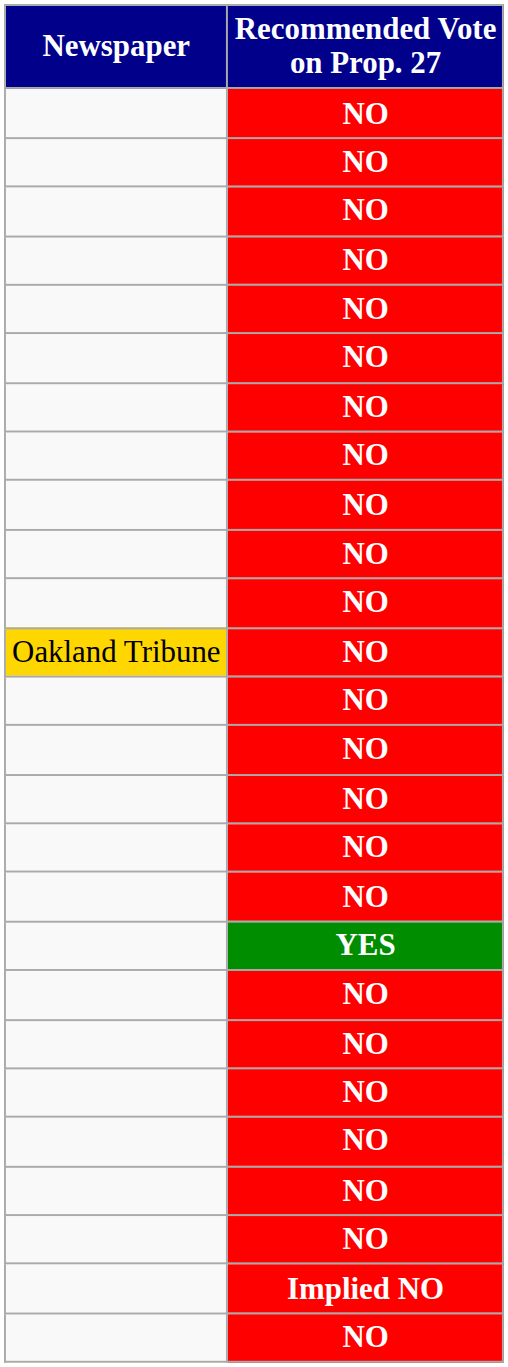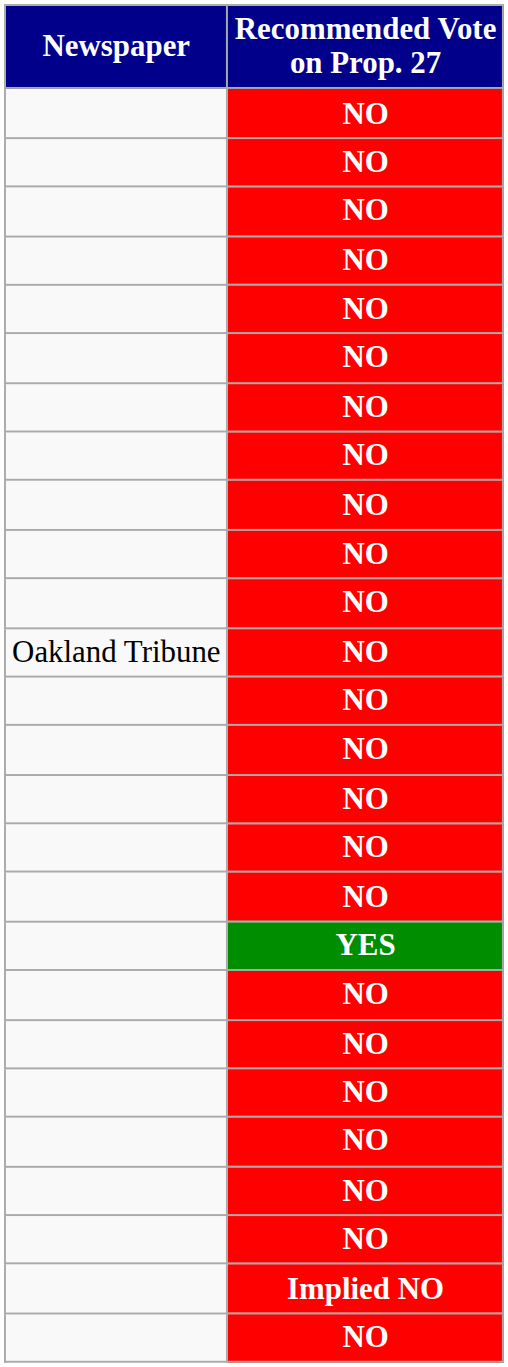 <table class="wikitable" style="" style="width:30%;">
 <tr>
 <th style="background-color:#00008B; color: white;">Newspaper</th>
 <th style="background-color:#00008B; color: white;">Recommended Vote<br>on Prop. 27</th>
 </tr>
 <tr>
 <td></td>
 <th style="background-color:#FF0000; color: white; align:center">NO</th>
 </tr>
 <tr>
 <td></td>
 <th style="background-color:#FF0000; color: white; align:center">NO</th>
 </tr>
 <tr>
 <td></td>
 <th style="background-color:#FF0000; color: white; align:center">NO</th>
 </tr>
 <tr>
 <td></td>
 <th style="background-color:#FF0000; color: white; align:center">NO</th>
 </tr>
 <tr>
 <td></td>
 <th style="background-color:#FF0000; color: white; align:center">NO</th>
 </tr>
 <tr>
 <td></td>
 <th style="background-color:#FF0000; color: white; align:center">NO</th>
 </tr>
 <tr>
 <td></td>
 <th style="background-color:#FF0000; color: white; align:center">NO</th>
 </tr>
 <tr>
 <td></td>
 <th style="background-color:#FF0000; color: white; align:center">NO</th>
 </tr>
 <tr>
 <td></td>
 <th style="background-color:#FF0000; color: white; align:center">NO</th>
 </tr>
 <tr>
 <td></td>
 <th style="background-color:#FF0000; color: white; align:center">NO</th>
 </tr>
 <tr>
 <td></td>
 <th style="background-color:#FF0000; color: white; align:center">NO</th>
 </tr>
 <tr>
-<td style="background: gold;">Oakland Tribune</td>
+<td>Oakland Tribune</td>
 <th style="background-color:#FF0000; color: white; align:center">NO</th>
 </tr>
 <tr>
 <td></td>
 <th style="background-color:#FF0000; color: white; align:center">NO</th>
 </tr>
 <tr>
 <td></td>
 <th style="background-color:#FF0000; color: white; align:center">NO</th>
 </tr>
 <tr>
 <td></td>
 <th style="background-color:#FF0000; color: white; align:center">NO</th>
 </tr>
 <tr>
 <td></td>
 <th style="background-color:#FF0000; color: white; align:center">NO</th>
 </tr>
 <tr>
 <td></td>
 <th style="background-color:#FF0000; color: white; align:center">NO</th>
 </tr>
 <tr>
 <td></td>
 <th style="background-color:#008D00; color: white; align:center">YES</th>
 </tr>
 <tr>
 <td></td>
 <th style="background-color:#FF0000; color: white; align:center">NO</th>
 </tr>
 <tr>
 <td></td>
 <th style="background-color:#FF0000; color: white; align:center">NO</th>
 </tr>
 <tr>
 <td></td>
 <th style="background-color:#FF0000; color: white; align:center">NO</th>
 </tr>
 <tr>
 <td></td>
 <th style="background-color:#FF0000; color: white; align:center">NO</th>
 </tr>
 <tr>
 <td></td>
 <th style="background-color:#FF0000; color: white; align:center">NO</th>
 </tr>
 <tr>
 <td></td>
 <th style="background-color:#FF0000; color: white; align:center">NO</th>
 </tr>
 <tr>
 <td></td>
 <th style="background-color:#FF0000; color: white; align:center">Implied NO</th>
 </tr>
 <tr>
 <td></td>
 <th style="background-color:#FF0000; color: white; align:center">NO</th>
 </tr>
 </table>
